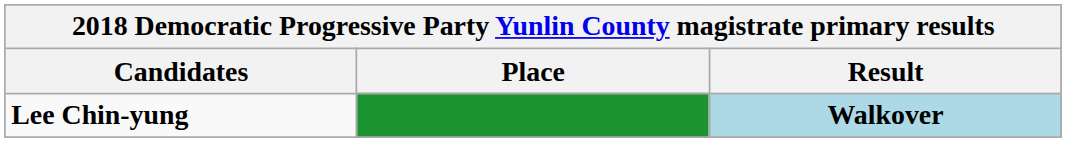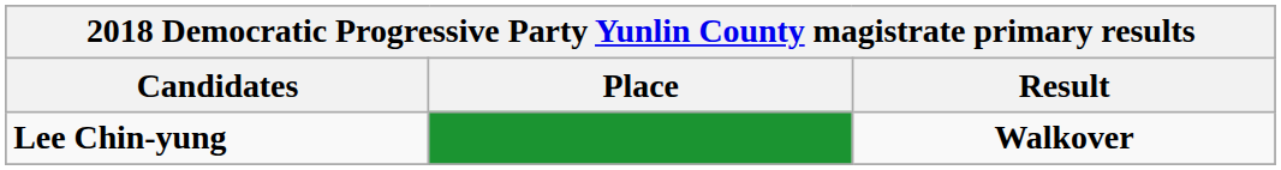 <table class="wikitable collapsible">
 <tr>
 <th colspan="5" width=600>2018 Democratic Progressive Party <a href='#'>Yunlin County</a> magistrate primary results</th>
 </tr>
 <tr>
 <th width=80>Candidates</th>
 <th width=80>Place</th>
 <th width=80>Result</th>
 </tr>
 <tr>
 <td><strong>Lee Chin-yung</strong></td>
 <td style="background: #1B9431; text-align:center"><strong></strong></td>
-<td style="background: lightblue; text-align:center"><strong>Walkover</strong></td>
+<td style="text-align:center"><strong>Walkover</strong></td>
 </tr>
 </table>
